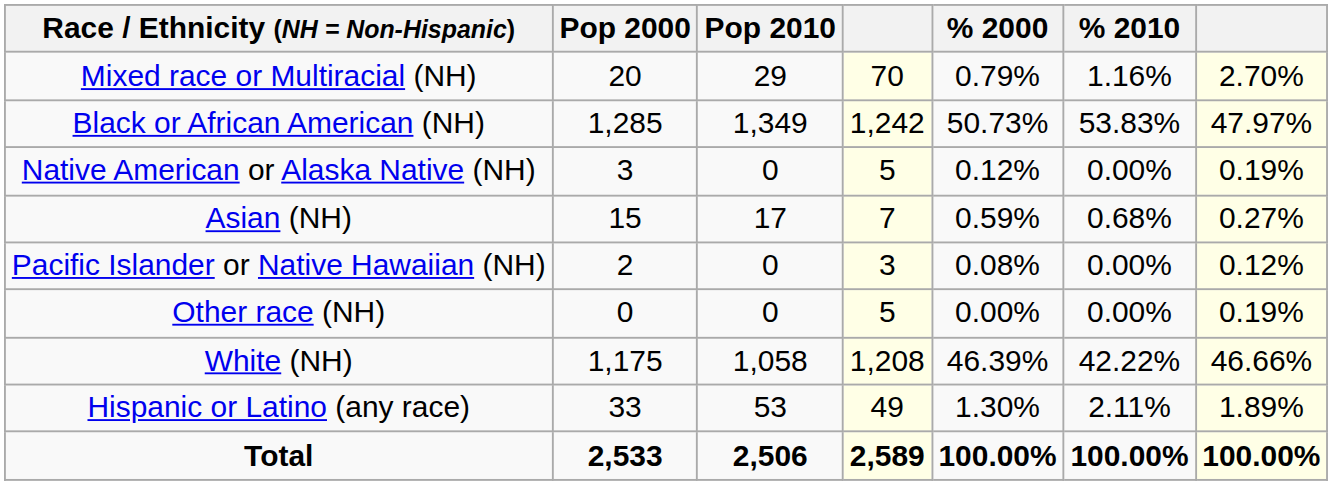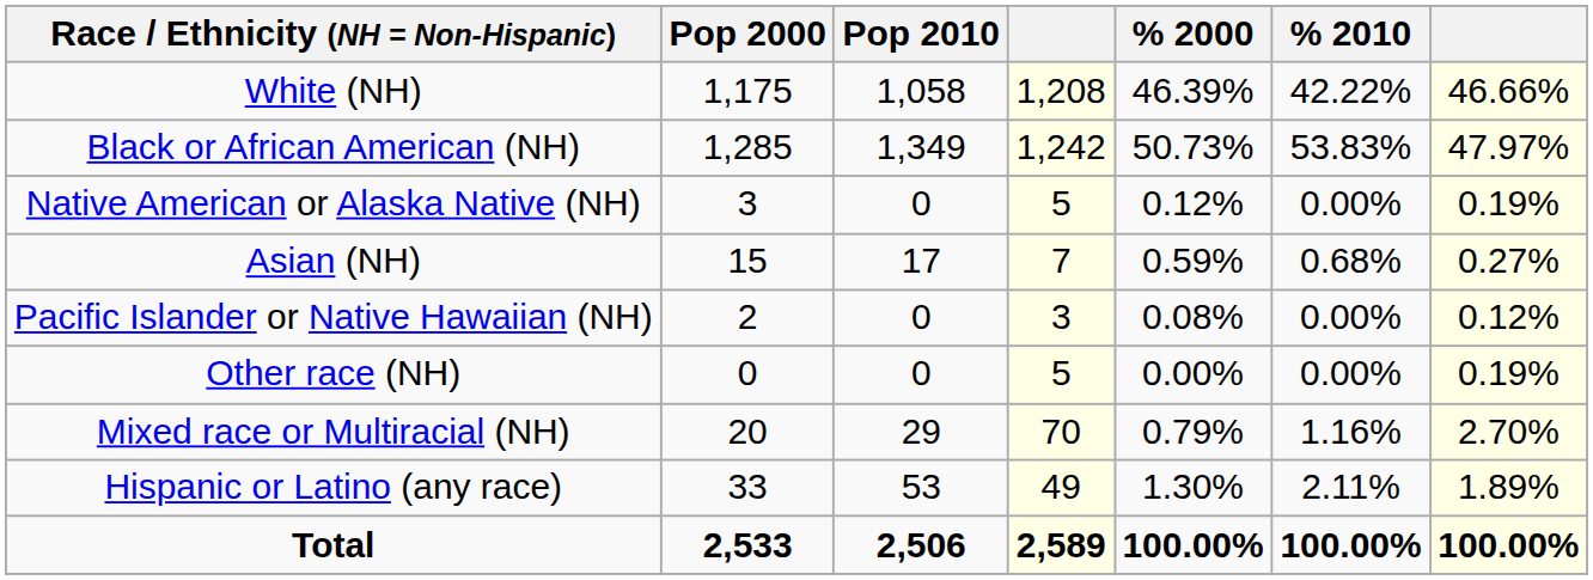 <table class="wikitable" style="text-align:center;">
 <tr>
 <th>Race / Ethnicity <small>(<em>NH = Non-Hispanic</em>)</small></th>
 <th>Pop 2000</th>
 <th>Pop 2010</th>
 <th></th>
 <th>% 2000</th>
 <th>% 2010</th>
 <th></th>
 </tr>
 <tr>
-<td><a href='#'>Mixed race or Multiracial</a> (NH)</td>
-<td>20</td>
-<td>29</td>
-<td style='background: #ffffe6;'>70</td>
-<td>0.79%</td>
-<td>1.16%</td>
-<td style='background: #ffffe6;'>2.70%</td>
+<td><a href='#'>White</a> (NH)</td>
+<td>1,175</td>
+<td>1,058</td>
+<td style='background: #ffffe6;'>1,208</td>
+<td>46.39%</td>
+<td>42.22%</td>
+<td style='background: #ffffe6;'>46.66%</td>
 </tr>
 <tr>
 <td><a href='#'>Black or African American</a> (NH)</td>
 <td>1,285</td>
 <td>1,349</td>
 <td style='background: #ffffe6;'>1,242</td>
 <td>50.73%</td>
 <td>53.83%</td>
 <td style='background: #ffffe6;'>47.97%</td>
 </tr>
 <tr>
 <td><a href='#'>Native American</a> or <a href='#'>Alaska Native</a> (NH)</td>
 <td>3</td>
 <td>0</td>
 <td style='background: #ffffe6;'>5</td>
 <td>0.12%</td>
 <td>0.00%</td>
 <td style='background: #ffffe6;'>0.19%</td>
 </tr>
 <tr>
 <td><a href='#'>Asian</a> (NH)</td>
 <td>15</td>
 <td>17</td>
 <td style='background: #ffffe6;'>7</td>
 <td>0.59%</td>
 <td>0.68%</td>
 <td style='background: #ffffe6;'>0.27%</td>
 </tr>
 <tr>
 <td><a href='#'>Pacific Islander</a> or <a href='#'>Native Hawaiian</a> (NH)</td>
 <td>2</td>
 <td>0</td>
 <td style='background: #ffffe6;'>3</td>
 <td>0.08%</td>
 <td>0.00%</td>
 <td style='background: #ffffe6;'>0.12%</td>
 </tr>
 <tr>
 <td><a href='#'>Other race</a> (NH)</td>
 <td>0</td>
 <td>0</td>
 <td style='background: #ffffe6;'>5</td>
 <td>0.00%</td>
 <td>0.00%</td>
 <td style='background: #ffffe6;'>0.19%</td>
 </tr>
 <tr>
-<td><a href='#'>White</a> (NH)</td>
-<td>1,175</td>
-<td>1,058</td>
-<td style='background: #ffffe6;'>1,208</td>
-<td>46.39%</td>
-<td>42.22%</td>
-<td style='background: #ffffe6;'>46.66%</td>
+<td><a href='#'>Mixed race or Multiracial</a> (NH)</td>
+<td>20</td>
+<td>29</td>
+<td style='background: #ffffe6;'>70</td>
+<td>0.79%</td>
+<td>1.16%</td>
+<td style='background: #ffffe6;'>2.70%</td>
 </tr>
 <tr>
 <td><a href='#'>Hispanic or Latino</a> (any race)</td>
 <td>33</td>
 <td>53</td>
 <td style='background: #ffffe6;'>49</td>
 <td>1.30%</td>
 <td>2.11%</td>
 <td style='background: #ffffe6;'>1.89%</td>
 </tr>
 <tr>
 <td><strong>Total</strong></td>
 <td><strong>2,533</strong></td>
 <td><strong>2,506</strong></td>
 <td style='background: #ffffe6;'><strong>2,589</strong></td>
 <td><strong>100.00%</strong></td>
 <td><strong>100.00%</strong></td>
 <td style='background: #ffffe6;'><strong>100.00%</strong></td>
 </tr>
 </table>
